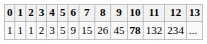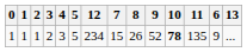 <table class="wikitable" style="margin: 1em auto 1em auto;">
 <tr>
 <th scope="col">0</th>
 <th scope="col">1</th>
 <th scope="col">2</th>
 <th scope="col">3</th>
 <th scope="col">4</th>
 <th scope="col">5</th>
-<th scope="col">6</th>
+<th scope="col">12</th>
 <th scope="col">7</th>
 <th scope="col">8</th>
 <th scope="col">9</th>
 <th scope="col">10</th>
 <th scope="col">11</th>
-<th scope="col">12</th>
+<th scope="col">6</th>
 <th scope="col">13</th>
 </tr>
 <tr>
 <td>1</td>
 <td>1</td>
 <td>1</td>
 <td>2</td>
 <td>3</td>
 <td>5</td>
-<td>9</td>
+<td>234</td>
 <td>15</td>
 <td>26</td>
-<td>45</td>
+<td>52</td>
 <td><strong>78</strong></td>
-<td>132</td>
-<td>234</td>
+<td>135</td>
+<td>9</td>
 <td>...</td>
 </tr>
 </table>
